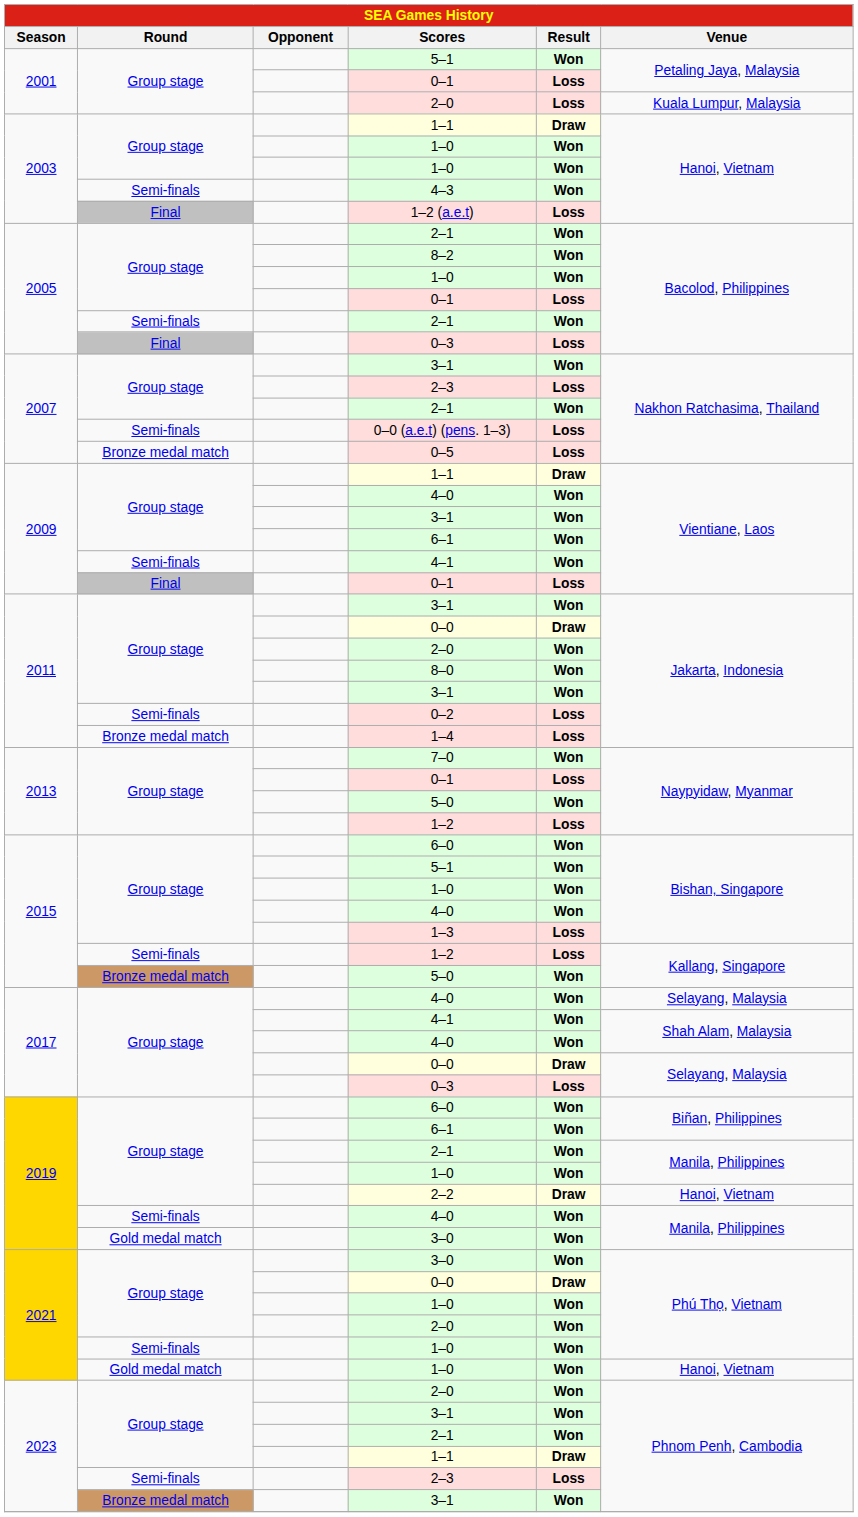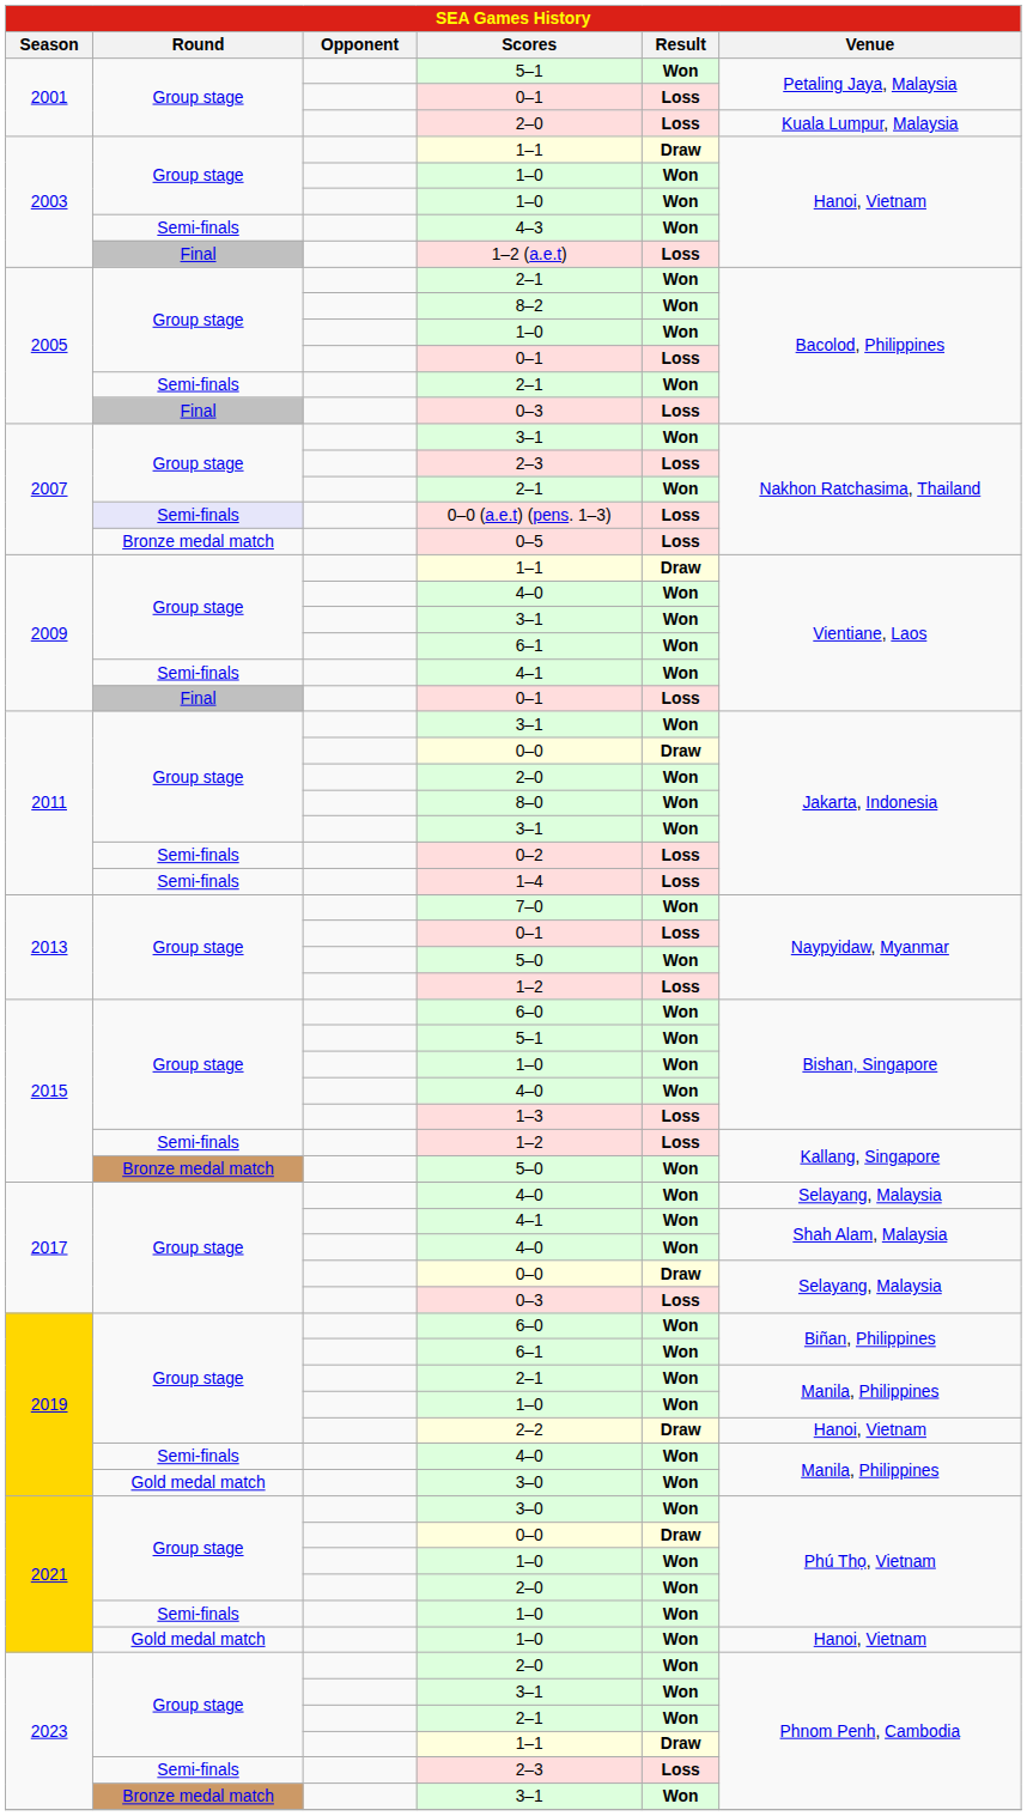 <table class="wikitable collapsible collapsed" style="text-align:center; font-size:90%; width:70%;">
 <tr>
 <th colspan="6" style="background: #DB2017; color: #FFFF00;">SEA Games History</th>
 </tr>
 <tr>
 <th>Season</th>
 <th>Round</th>
 <th>Opponent</th>
 <th>Scores</th>
 <th>Result</th>
 <th>Venue</th>
 </tr>
 <tr>
 <td rowspan="3"><a href='#'>2001</a></td>
 <td rowspan="3"><a href='#'>Group stage</a></td>
 <td style="text-align:left"></td>
 <td style="background:#dfd;">5–1</td>
 <td style="background:#dfd;"><strong>Won</strong></td>
 <td rowspan="2"> <a href='#'>Petaling Jaya</a>, <a href='#'>Malaysia</a></td>
 </tr>
 <tr>
 <td style="text-align:left"></td>
 <td style="background:#fdd;">0–1</td>
 <td style="background:#fdd;"><strong>Loss</strong></td>
 </tr>
 <tr>
 <td style="text-align:left"></td>
 <td style="background:#fdd;">2–0</td>
 <td style="background:#fdd;"><strong>Loss</strong></td>
 <td> <a href='#'>Kuala Lumpur</a>, <a href='#'>Malaysia</a></td>
 </tr>
 <tr>
 <td rowspan="5"><a href='#'>2003</a></td>
 <td rowspan="3"><a href='#'>Group stage</a></td>
 <td style="text-align:left"></td>
 <td style="background:#ffd;">1–1</td>
 <td style="background:#ffd;"><strong>Draw</strong></td>
 <td rowspan="5"> <a href='#'>Hanoi</a>, <a href='#'>Vietnam</a></td>
 </tr>
 <tr>
 <td style="text-align:left"></td>
 <td style="background:#dfd;">1–0</td>
 <td style="background:#dfd;"><strong>Won</strong></td>
 </tr>
 <tr>
 <td style="text-align:left"></td>
 <td style="background:#dfd;">1–0</td>
 <td style="background:#dfd;"><strong>Won</strong></td>
 </tr>
 <tr>
 <td rowspan="1"><a href='#'>Semi-finals</a></td>
 <td style="text-align:left"></td>
 <td style="background:#dfd;">4–3</td>
 <td style="background:#dfd;"><strong>Won</strong></td>
 </tr>
 <tr>
 <td rowspan="1" style="background-color:silver;"><a href='#'>Final</a></td>
 <td style="text-align:left"></td>
 <td style="background:#fdd;">1–2 (<a href='#'>a.e.t</a>)</td>
 <td style="background:#fdd;"><strong>Loss</strong></td>
 </tr>
 <tr>
 <td rowspan="6"><a href='#'>2005</a></td>
 <td rowspan="4"><a href='#'>Group stage</a></td>
 <td style="text-align:left"></td>
 <td style="background:#dfd;">2–1</td>
 <td style="background:#dfd;"><strong>Won</strong></td>
 <td rowspan="6"> <a href='#'>Bacolod</a>, <a href='#'>Philippines</a></td>
 </tr>
 <tr>
 <td style="text-align:left"></td>
 <td style="background:#dfd;">8–2</td>
 <td style="background:#dfd;"><strong>Won</strong></td>
 </tr>
 <tr>
 <td style="text-align:left"></td>
 <td style="background:#dfd;">1–0</td>
 <td style="background:#dfd;"><strong>Won</strong></td>
 </tr>
 <tr>
 <td style="text-align:left"></td>
 <td style="background:#fdd;">0–1</td>
 <td style="background:#fdd;"><strong>Loss</strong></td>
 </tr>
 <tr>
 <td rowspan="1"><a href='#'>Semi-finals</a></td>
 <td style="text-align:left"></td>
 <td style="background:#dfd;">2–1</td>
 <td style="background:#dfd;"><strong>Won</strong></td>
 </tr>
 <tr>
 <td rowspan="1" style="background-color:silver;"><a href='#'>Final</a></td>
 <td style="text-align:left"></td>
 <td style="background:#fdd;">0–3</td>
 <td style="background:#fdd;"><strong>Loss</strong></td>
 </tr>
 <tr>
 <td rowspan="5"><a href='#'>2007</a></td>
 <td rowspan="3"><a href='#'>Group stage</a></td>
 <td style="text-align:left"></td>
 <td style="background:#dfd;">3–1</td>
 <td style="background:#dfd;"><strong>Won</strong></td>
 <td rowspan="5"> <a href='#'>Nakhon Ratchasima</a>, <a href='#'>Thailand</a></td>
 </tr>
 <tr>
 <td style="text-align:left"></td>
 <td style="background:#fdd;">2–3</td>
 <td style="background:#fdd;"><strong>Loss</strong></td>
 </tr>
 <tr>
 <td style="text-align:left"></td>
 <td style="background:#dfd;">2–1</td>
 <td style="background:#dfd;"><strong>Won</strong></td>
 </tr>
 <tr>
-<td rowspan="1"><a href='#'>Semi-finals</a></td>
+<td rowspan="1" style="background: lavender;"><a href='#'>Semi-finals</a></td>
 <td style="text-align:left"></td>
 <td style="background:#fdd;">0–0 (<a href='#'>a.e.t</a>) (<a href='#'>pens</a>. 1–3)</td>
 <td style="background:#fdd;"><strong>Loss</strong></td>
 </tr>
 <tr>
 <td rowspan="1"><a href='#'>Bronze medal match</a></td>
 <td style="text-align:left"></td>
 <td style="background:#fdd;">0–5</td>
 <td style="background:#fdd;"><strong>Loss</strong></td>
 </tr>
 <tr>
 <td rowspan="6"><a href='#'>2009</a></td>
 <td rowspan="4"><a href='#'>Group stage</a></td>
 <td style="text-align:left"></td>
 <td style="background:#ffd;">1–1</td>
 <td style="background:#ffd;"><strong>Draw</strong></td>
 <td rowspan="6"> <a href='#'>Vientiane</a>, <a href='#'>Laos</a></td>
 </tr>
 <tr>
 <td style="text-align:left"></td>
 <td style="background:#dfd;">4–0</td>
 <td style="background:#dfd;"><strong>Won</strong></td>
 </tr>
 <tr>
 <td style="text-align:left"></td>
 <td style="background:#dfd;">3–1</td>
 <td style="background:#dfd;"><strong>Won</strong></td>
 </tr>
 <tr>
 <td style="text-align:left"></td>
 <td style="background:#dfd;">6–1</td>
 <td style="background:#dfd;"><strong>Won</strong></td>
 </tr>
 <tr>
 <td rowspan="1"><a href='#'>Semi-finals</a></td>
 <td style="text-align:left"></td>
 <td style="background:#dfd;">4–1</td>
 <td style="background:#dfd;"><strong>Won</strong></td>
 </tr>
 <tr>
 <td rowspan="1" style="background-color:silver;"><a href='#'>Final</a></td>
 <td style="text-align:left"></td>
 <td style="background:#fdd;">0–1</td>
 <td style="background:#fdd;"><strong>Loss</strong></td>
 </tr>
 <tr>
 <td rowspan="7"><a href='#'>2011</a></td>
 <td rowspan="5"><a href='#'>Group stage</a></td>
 <td style="text-align:left"></td>
 <td style="background:#dfd;">3–1</td>
 <td style="background:#dfd;"><strong>Won</strong></td>
 <td rowspan="7"> <a href='#'>Jakarta</a>, <a href='#'>Indonesia</a></td>
 </tr>
 <tr>
 <td style="text-align:left"></td>
 <td style="background:#ffd;">0–0</td>
 <td style="background:#ffd;"><strong>Draw</strong></td>
 </tr>
 <tr>
 <td style="text-align:left"></td>
 <td style="background:#dfd;">2–0</td>
 <td style="background:#dfd;"><strong>Won</strong></td>
 </tr>
 <tr>
 <td style="text-align:left"></td>
 <td style="background:#dfd;">8–0</td>
 <td style="background:#dfd;"><strong>Won</strong></td>
 </tr>
 <tr>
 <td style="text-align:left"></td>
 <td style="background:#dfd;">3–1</td>
 <td style="background:#dfd;"><strong>Won</strong></td>
 </tr>
 <tr>
 <td rowspan="1"><a href='#'>Semi-finals</a></td>
 <td style="text-align:left"></td>
 <td style="background:#fdd;">0–2</td>
 <td style="background:#fdd;"><strong>Loss</strong></td>
 </tr>
 <tr>
-<td rowspan="1"><a href='#'>Bronze medal match</a></td>
+<td rowspan="1"><a href='#'>Semi-finals</a></td>
 <td style="text-align:left"></td>
 <td style="background:#fdd;">1–4</td>
 <td style="background:#fdd;"><strong>Loss</strong></td>
 </tr>
 <tr>
 <td rowspan="4"><a href='#'>2013</a></td>
 <td rowspan="4"><a href='#'>Group stage</a></td>
 <td style="text-align:left"></td>
 <td style="background:#dfd;">7–0</td>
 <td style="background:#dfd;"><strong>Won</strong></td>
 <td rowspan="4"> <a href='#'>Naypyidaw</a>, <a href='#'>Myanmar</a></td>
 </tr>
 <tr>
 <td style="text-align:left"></td>
 <td style="background:#fdd;">0–1</td>
 <td style="background:#fdd;"><strong>Loss</strong></td>
 </tr>
 <tr>
 <td style="text-align:left"></td>
 <td style="background:#dfd;">5–0</td>
 <td style="background:#dfd;"><strong>Won</strong></td>
 </tr>
 <tr>
 <td style="text-align:left"></td>
 <td style="background:#fdd;">1–2</td>
 <td style="background:#fdd;"><strong>Loss</strong></td>
 </tr>
 <tr>
 <td rowspan="7"><a href='#'>2015</a></td>
 <td rowspan="5"><a href='#'>Group stage</a></td>
 <td style="text-align:left"></td>
 <td style="background:#dfd;">6–0</td>
 <td style="background:#dfd;"><strong>Won</strong></td>
 <td rowspan="5"> <a href='#'>Bishan, Singapore</a></td>
 </tr>
 <tr>
 <td style="text-align:left"></td>
 <td style="background:#dfd;">5–1</td>
 <td style="background:#dfd;"><strong>Won</strong></td>
 </tr>
 <tr>
 <td style="text-align:left"></td>
 <td style="background:#dfd;">1–0</td>
 <td style="background:#dfd;"><strong>Won</strong></td>
 </tr>
 <tr>
 <td style="text-align:left"></td>
 <td style="background:#dfd;">4–0</td>
 <td style="background:#dfd;"><strong>Won</strong></td>
 </tr>
 <tr>
 <td style="text-align:left"></td>
 <td style="background:#fdd;">1–3</td>
 <td style="background:#fdd;"><strong>Loss</strong></td>
 </tr>
 <tr>
 <td rowspan="1"><a href='#'>Semi-finals</a></td>
 <td style="text-align:left"></td>
 <td style="background:#fdd;">1–2</td>
 <td style="background:#fdd;"><strong>Loss</strong></td>
 <td rowspan="2"> <a href='#'>Kallang</a>, <a href='#'>Singapore</a></td>
 </tr>
 <tr>
 <td rowspan="1" style="background-color:#cc9966;"><a href='#'>Bronze medal match</a></td>
 <td style="text-align:left"></td>
 <td style="background:#dfd;">5–0</td>
 <td style="background:#dfd;"><strong>Won</strong></td>
 </tr>
 <tr>
 <td rowspan="5"><a href='#'>2017</a></td>
 <td rowspan="5"><a href='#'>Group stage</a></td>
 <td style="text-align:left"></td>
 <td style="background:#dfd;">4–0</td>
 <td style="background:#dfd;"><strong>Won</strong></td>
 <td rowspan="1"> <a href='#'>Selayang</a>, <a href='#'>Malaysia</a></td>
 </tr>
 <tr>
 <td style="text-align:left"></td>
 <td style="background:#dfd;">4–1</td>
 <td style="background:#dfd;"><strong>Won</strong></td>
 <td rowspan="2"> <a href='#'>Shah Alam</a>, <a href='#'>Malaysia</a></td>
 </tr>
 <tr>
 <td style="text-align:left"></td>
 <td style="background:#dfd;">4–0</td>
 <td style="background:#dfd;"><strong>Won</strong></td>
 </tr>
 <tr>
 <td style="text-align:left"></td>
 <td style="background:#ffd;">0–0</td>
 <td style="background:#ffd;"><strong>Draw</strong></td>
 <td rowspan="2"> <a href='#'>Selayang</a>, <a href='#'>Malaysia</a></td>
 </tr>
 <tr>
 <td style="text-align:left"></td>
 <td style="background:#fdd;">0–3</td>
 <td style="background:#fdd;"><strong>Loss</strong></td>
 </tr>
 <tr>
 <td rowspan="7" style="background-color:Gold;"><a href='#'>2019</a></td>
 <td rowspan="5"><a href='#'>Group stage</a></td>
 <td style="text-align:left"></td>
 <td style="background:#dfd;">6–0</td>
 <td style="background:#dfd;"><strong>Won</strong></td>
 <td rowspan="2"> <a href='#'>Biñan</a>, <a href='#'>Philippines</a></td>
 </tr>
 <tr>
 <td style="text-align:left"></td>
 <td style="background:#dfd;">6–1</td>
 <td style="background:#dfd;"><strong>Won</strong></td>
 </tr>
 <tr>
 <td style="text-align:left"></td>
 <td style="background:#dfd;">2–1</td>
 <td style="background:#dfd;"><strong>Won</strong></td>
 <td rowspan="2"> <a href='#'>Manila</a>, <a href='#'>Philippines</a></td>
 </tr>
 <tr>
 <td style="text-align:left"></td>
 <td style="background:#dfd;">1–0</td>
 <td style="background:#dfd;"><strong>Won</strong></td>
 </tr>
 <tr>
 <td style="text-align:left"></td>
 <td style="background:#ffd;">2–2</td>
 <td style="background:#ffd;"><strong>Draw</strong></td>
 <td rowspan="1"> <a href='#'>Hanoi</a>, <a href='#'>Vietnam</a></td>
 </tr>
 <tr>
 <td rowspan="1"><a href='#'>Semi-finals</a></td>
 <td style="text-align:left"></td>
 <td style="background:#dfd;">4–0</td>
 <td style="background:#dfd;"><strong>Won</strong></td>
 <td rowspan="2"> <a href='#'>Manila</a>, <a href='#'>Philippines</a></td>
 </tr>
 <tr>
 <td rowspan="1"><a href='#'>Gold medal match</a></td>
 <td style="text-align:left"></td>
 <td style="background:#dfd;">3–0</td>
 <td style="background:#dfd;"><strong>Won</strong></td>
 </tr>
 <tr>
 <td rowspan="6" style="background-color:Gold;"><a href='#'>2021</a></td>
 <td rowspan="4"><a href='#'>Group stage</a></td>
 <td style="text-align:left"></td>
 <td style="background:#dfd;">3–0</td>
 <td style="background:#dfd;"><strong>Won</strong></td>
 <td rowspan="5"> <a href='#'>Phú Thọ</a>, <a href='#'>Vietnam</a></td>
 </tr>
 <tr>
 <td style="text-align:left"></td>
 <td style="background:#ffd;">0–0</td>
 <td style="background:#ffd;"><strong>Draw</strong></td>
 </tr>
 <tr>
 <td style="text-align:left"></td>
 <td style="background:#dfd;">1–0</td>
 <td style="background:#dfd;"><strong>Won</strong></td>
 </tr>
 <tr>
 <td style="text-align:left"></td>
 <td style="background:#dfd;">2–0</td>
 <td style="background:#dfd;"><strong>Won</strong></td>
 </tr>
 <tr>
 <td rowspan="1"><a href='#'>Semi-finals</a></td>
 <td style="text-align:left"></td>
 <td style="background:#dfd;">1–0</td>
 <td style="background:#dfd;"><strong>Won</strong></td>
 </tr>
 <tr>
 <td rowspan="1"><a href='#'>Gold medal match</a></td>
 <td style="text-align:left"></td>
 <td style="background:#dfd;">1–0</td>
 <td style="background:#dfd;"><strong>Won</strong></td>
 <td rowspan="1"> <a href='#'>Hanoi</a>, <a href='#'>Vietnam</a></td>
 </tr>
 <tr>
 <td rowspan=6><a href='#'>2023</a></td>
 <td rowspan=4><a href='#'>Group stage</a></td>
 <td style="text-align:left"></td>
 <td style="background:#dfd;">2–0</td>
 <td style="background:#dfd;"><strong>Won</strong></td>
 <td rowspan=6> <a href='#'>Phnom Penh</a>, <a href='#'>Cambodia</a></td>
 </tr>
 <tr>
 <td style="text-align:left"></td>
 <td style="background:#dfd;">3–1</td>
 <td style="background:#dfd;"><strong>Won</strong></td>
 </tr>
 <tr>
 <td style="text-align:left"></td>
 <td style="background:#dfd;">2–1</td>
 <td style="background:#dfd;"><strong>Won</strong></td>
 </tr>
 <tr>
 <td style="text-align:left"></td>
 <td style="background:#ffd;">1–1</td>
 <td style="background:#ffd;"><strong>Draw</strong></td>
 </tr>
 <tr>
 <td rowspan="1"><a href='#'>Semi-finals</a></td>
 <td style="text-align:left"></td>
 <td style="background:#fdd;">2–3</td>
 <td style="background:#fdd;"><strong>Loss</strong></td>
 </tr>
 <tr>
 <td rowspan="1" style="background-color:#cc9966;"><a href='#'>Bronze medal match</a></td>
 <td style="text-align:left"></td>
 <td style="background:#dfd;">3–1</td>
 <td style="background:#dfd;"><strong>Won</strong></td>
 </tr>
 <tr>
 </tr>
 </table>
